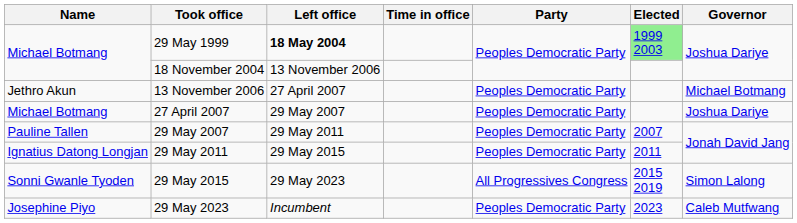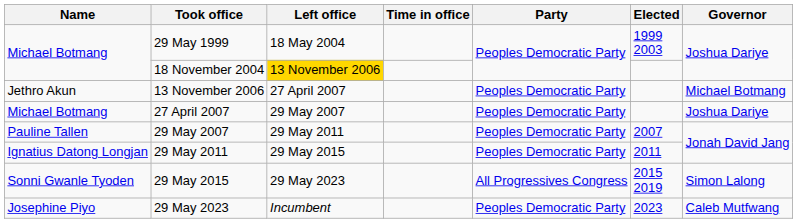 <table class="wikitable">
 <tr>
 <th>Name</th>
 <th>Took office</th>
 <th>Left office</th>
 <th>Time in office</th>
 <th>Party</th>
 <th>Elected</th>
 <th>Governor</th>
 </tr>
 <tr>
 <td rowspan="2"><a href='#'>Michael Botmang</a><br></td>
 <td>29 May 1999</td>
-<td><strong>18 May 2004</strong></td>
+<td>18 May 2004</td>
 <td></td>
 <td rowspan="2"><a href='#'>Peoples Democratic Party</a></td>
-<td style="background: lightgreen;"><a href='#'>1999</a><br><a href='#'>2003</a></td>
+<td><a href='#'>1999</a><br><a href='#'>2003</a></td>
 <td rowspan="2"><a href='#'>Joshua Dariye</a></td>
 </tr>
 <tr>
 <td>18 November 2004</td>
-<td>13 November 2006</td>
+<td style="background: gold;">13 November 2006</td>
 <td></td>
 <td></td>
 </tr>
 <tr>
 <td>Jethro Akun<br></td>
 <td>13 November 2006</td>
 <td>27 April 2007</td>
 <td></td>
 <td><a href='#'>Peoples Democratic Party</a></td>
 <td></td>
 <td><a href='#'>Michael Botmang</a></td>
 </tr>
 <tr>
 <td><a href='#'>Michael Botmang</a><br></td>
 <td>27 April 2007</td>
 <td>29 May 2007</td>
 <td></td>
 <td><a href='#'>Peoples Democratic Party</a></td>
 <td></td>
 <td><a href='#'>Joshua Dariye</a></td>
 </tr>
 <tr>
 <td><a href='#'>Pauline Tallen</a><br></td>
 <td>29 May 2007</td>
 <td>29 May 2011</td>
 <td></td>
 <td><a href='#'>Peoples Democratic Party</a></td>
 <td><a href='#'>2007</a></td>
 <td rowspan="2"><a href='#'>Jonah David Jang</a></td>
 </tr>
 <tr>
 <td><a href='#'>Ignatius Datong Longjan</a><br></td>
 <td>29 May 2011</td>
 <td>29 May 2015</td>
 <td></td>
 <td><a href='#'>Peoples Democratic Party</a></td>
 <td><a href='#'>2011</a></td>
 </tr>
 <tr>
 <td><a href='#'>Sonni Gwanle Tyoden</a><br></td>
 <td>29 May 2015</td>
 <td>29 May 2023</td>
 <td></td>
 <td><a href='#'>All Progressives Congress</a></td>
 <td><a href='#'>2015</a><br><a href='#'>2019</a></td>
 <td><a href='#'>Simon Lalong</a></td>
 </tr>
 <tr>
 <td><a href='#'>Josephine Piyo</a><br></td>
 <td>29 May 2023</td>
 <td><em>Incumbent</em></td>
 <td></td>
 <td><a href='#'>Peoples Democratic Party</a></td>
 <td><a href='#'>2023</a></td>
 <td><a href='#'>Caleb Mutfwang</a></td>
 </tr>
 </table>
